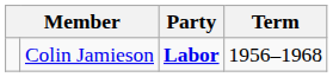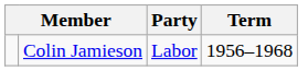 <table class="wikitable">
 <tr>
 <th colspan="2">Member</th>
 <th>Party</th>
 <th>Term</th>
 </tr>
 <tr>
 <td> </td>
 <td><a href='#'>Colin Jamieson</a></td>
-<td><strong><a href='#'>Labor</a></strong></td>
+<td><a href='#'>Labor</a></td>
 <td>1956–1968</td>
 </tr>
 </table>
